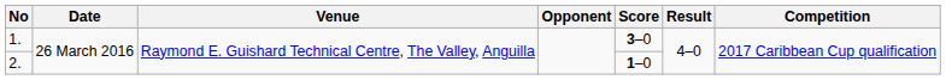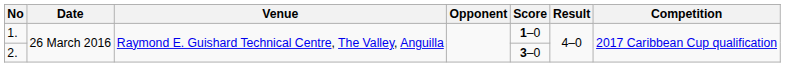 <table class="wikitable" style="font-size:85%;">
 <tr>
 <th>No</th>
 <th>Date</th>
 <th>Venue</th>
 <th>Opponent</th>
 <th>Score</th>
 <th>Result</th>
 <th>Competition</th>
 </tr>
 <tr>
 <td>1.</td>
 <td rowspan="2">26 March 2016</td>
 <td rowspan="2"><a href='#'>Raymond E. Guishard Technical Centre</a>, <a href='#'>The Valley</a>, <a href='#'>Anguilla</a></td>
 <td rowspan="2"></td>
-<td align=center><strong>3</strong>–0</td>
+<td align=center><strong>1</strong>–0</td>
 <td rowspan="2" style="text-align:center">4–0</td>
 <td rowspan="2"><a href='#'>2017 Caribbean Cup qualification</a></td>
 </tr>
 <tr>
 <td>2.</td>
-<td align=center><strong>1</strong>–0</td>
+<td align=center><strong>3</strong>–0</td>
 </tr>
 </table>
